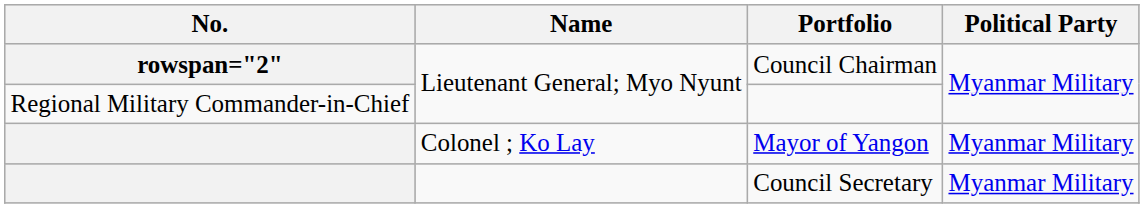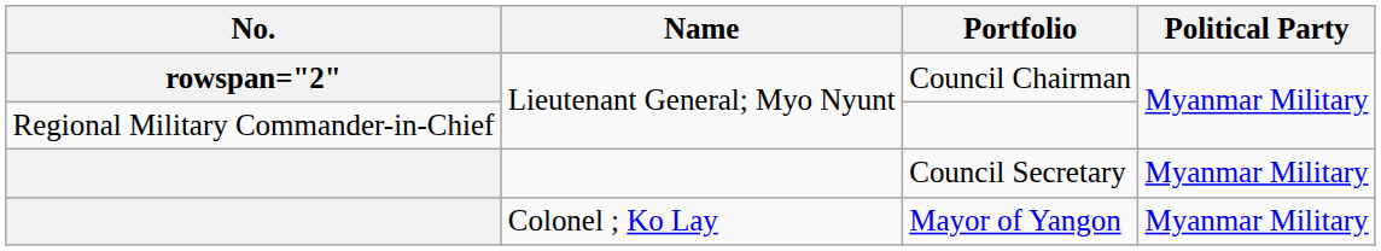 <table class="wikitable">
 <tr>
 <th>No.</th>
 <th>Name</th>
 <th>Portfolio</th>
 <th>Political Party</th>
 </tr>
 <tr>
 <th>rowspan="2"  </th>
 <td rowspan="2">Lieutenant General; Myo Nyunt</td>
 <td>Council Chairman</td>
 <td rowspan="2"><a href='#'>Myanmar Military</a></td>
 </tr>
 <tr>
 <td>Regional Military Commander-in-Chief</td>
 </tr>
 <tr>
 <th> </th>
+<td></td>
+<td>Council Secretary</td>
+<td><a href='#'>Myanmar Military</a></td>
+</tr>
+<tr>
+<th> </th>
 <td>Colonel ; <a href='#'>Ko Lay</a></td>
 <td><a href='#'>Mayor of Yangon</a></td>
 <td><a href='#'>Myanmar Military</a></td>
 </tr>
-<tr>
-<th> </th>
-<td></td>
-<td>Council Secretary</td>
-<td><a href='#'>Myanmar Military</a></td>
-</tr>
 </table>
